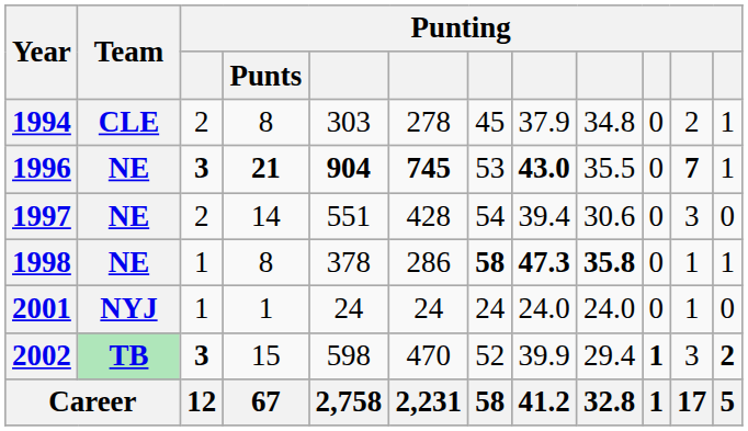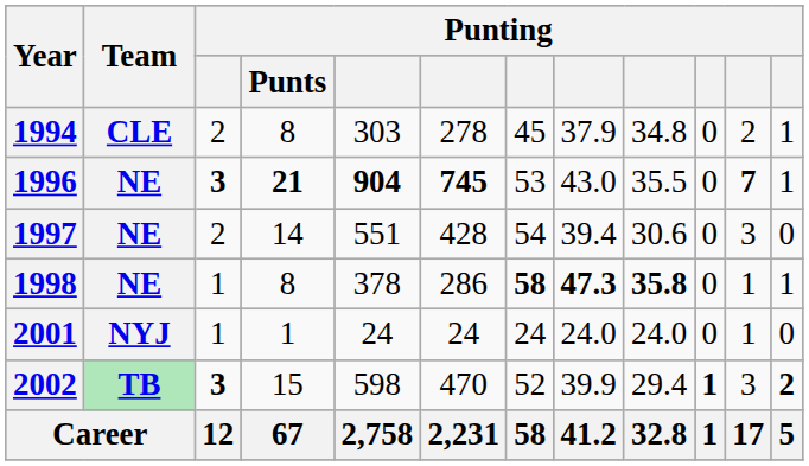 <table class=wikitable style="text-align:center;">
 <tr>
 <th rowspan="2">Year</th>
 <th rowspan="2">Team</th>
 <th colspan="10">Punting</th>
 </tr>
 <tr>
 <th></th>
 <th>Punts</th>
 <th></th>
 <th></th>
 <th></th>
 <th></th>
 <th></th>
 <th></th>
 <th></th>
 <th></th>
 </tr>
 <tr>
 <th><a href='#'>1994</a></th>
 <th><a href='#'>CLE</a></th>
 <td>2</td>
 <td>8</td>
 <td>303</td>
 <td>278</td>
 <td>45</td>
 <td>37.9</td>
 <td>34.8</td>
 <td>0</td>
 <td>2</td>
 <td>1</td>
 </tr>
 <tr>
 <th><a href='#'>1996</a></th>
 <th><a href='#'>NE</a></th>
 <td><strong>3</strong></td>
 <td><strong>21</strong></td>
 <td><strong>904</strong></td>
 <td><strong>745</strong></td>
 <td>53</td>
-<td><strong>43.0</strong></td>
+<td>43.0</td>
 <td>35.5</td>
 <td>0</td>
 <td><strong>7</strong></td>
 <td>1</td>
 </tr>
 <tr>
 <th><a href='#'>1997</a></th>
 <th><a href='#'>NE</a></th>
 <td>2</td>
 <td>14</td>
 <td>551</td>
 <td>428</td>
 <td>54</td>
 <td>39.4</td>
 <td>30.6</td>
 <td>0</td>
 <td>3</td>
 <td>0</td>
 </tr>
 <tr>
 <th><a href='#'>1998</a></th>
 <th><a href='#'>NE</a></th>
 <td>1</td>
 <td>8</td>
 <td>378</td>
 <td>286</td>
 <td><strong>58</strong></td>
 <td><strong>47.3</strong></td>
 <td><strong>35.8</strong></td>
 <td>0</td>
 <td>1</td>
 <td>1</td>
 </tr>
 <tr>
 <th><a href='#'>2001</a></th>
 <th><a href='#'>NYJ</a></th>
 <td>1</td>
 <td>1</td>
 <td>24</td>
 <td>24</td>
 <td>24</td>
 <td>24.0</td>
 <td>24.0</td>
 <td>0</td>
 <td>1</td>
 <td>0</td>
 </tr>
 <tr>
 <th><a href='#'>2002</a></th>
 <th style="background:#afe6ba; width:3em;"><a href='#'>TB</a></th>
 <td><strong>3</strong></td>
 <td>15</td>
 <td>598</td>
 <td>470</td>
 <td>52</td>
 <td>39.9</td>
 <td>29.4</td>
 <td><strong>1</strong></td>
 <td>3</td>
 <td><strong>2</strong></td>
 </tr>
 <tr>
 <th colspan="2">Career</th>
 <th>12</th>
 <th>67</th>
 <th>2,758</th>
 <th>2,231</th>
 <th>58</th>
 <th>41.2</th>
 <th>32.8</th>
 <th>1</th>
 <th>17</th>
 <th>5</th>
 </tr>
 </table>
